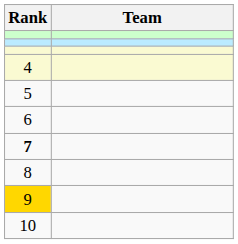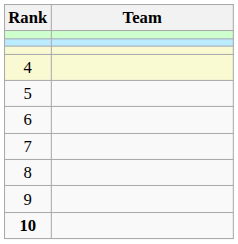 <table class="wikitable" style="white-space: nowrap; width:25%">
 <tr>
 <th width=15%>Rank</th>
 <th>Team</th>
 </tr>
 <tr bgcolor=#CCFFCC>
 <td style="text-align:center;"></td>
 <td></td>
 </tr>
 <tr bgcolor=#BBEBFF>
 <td style="text-align:center;"></td>
 <td></td>
 </tr>
 <tr bgcolor=#FAFAD2>
 <td style="text-align:center;"></td>
 <td></td>
 </tr>
 <tr bgcolor=#FAFAD2>
 <td style="text-align:center;">4</td>
 <td></td>
 </tr>
 <tr>
 <td style="text-align:center;">5</td>
 <td></td>
 </tr>
 <tr>
 <td style="text-align:center;">6</td>
 <td></td>
 </tr>
 <tr>
-<td style="text-align:center;"><strong>7</strong></td>
+<td style="text-align:center;">7</td>
 <td></td>
 </tr>
 <tr>
 <td style="text-align:center;">8</td>
 <td></td>
 </tr>
 <tr>
-<td style="background: gold; text-align:center;">9</td>
+<td style="text-align:center;">9</td>
 <td></td>
 </tr>
 <tr>
-<td style="text-align:center;">10</td>
+<td style="text-align:center;"><strong>10</strong></td>
 <td></td>
 </tr>
 <tr>
 </tr>
 </table>
